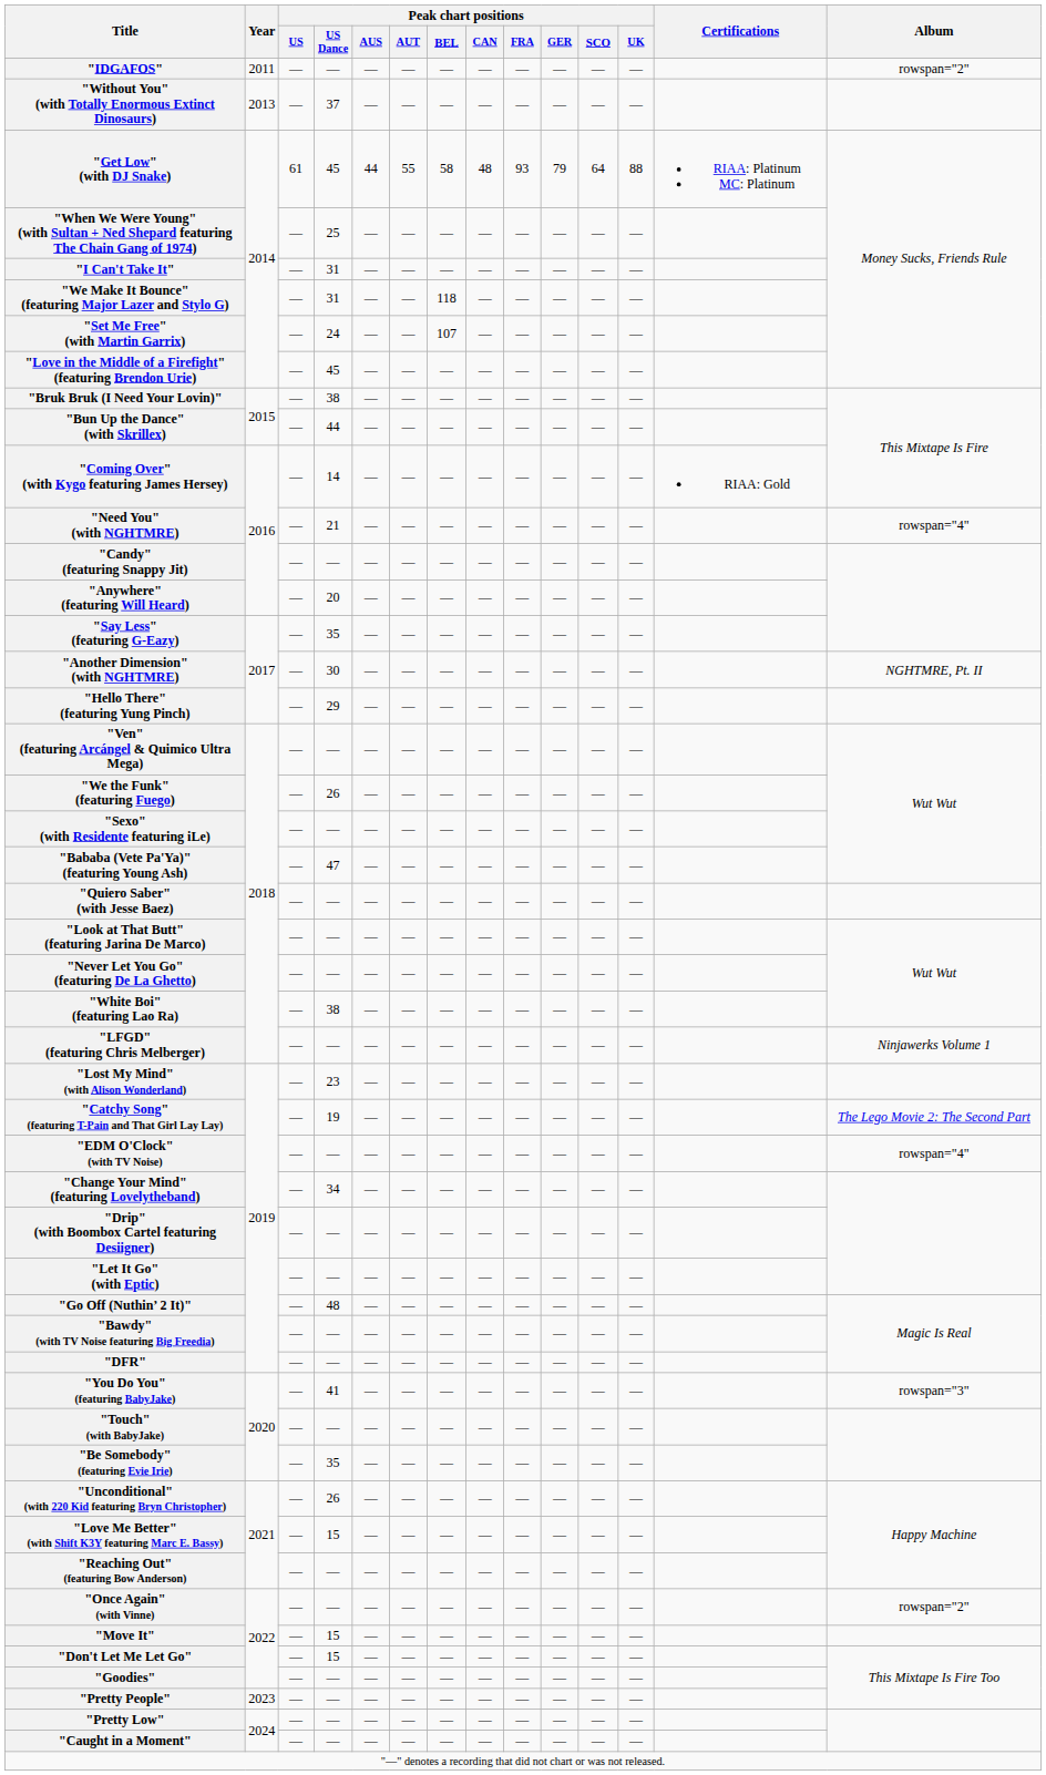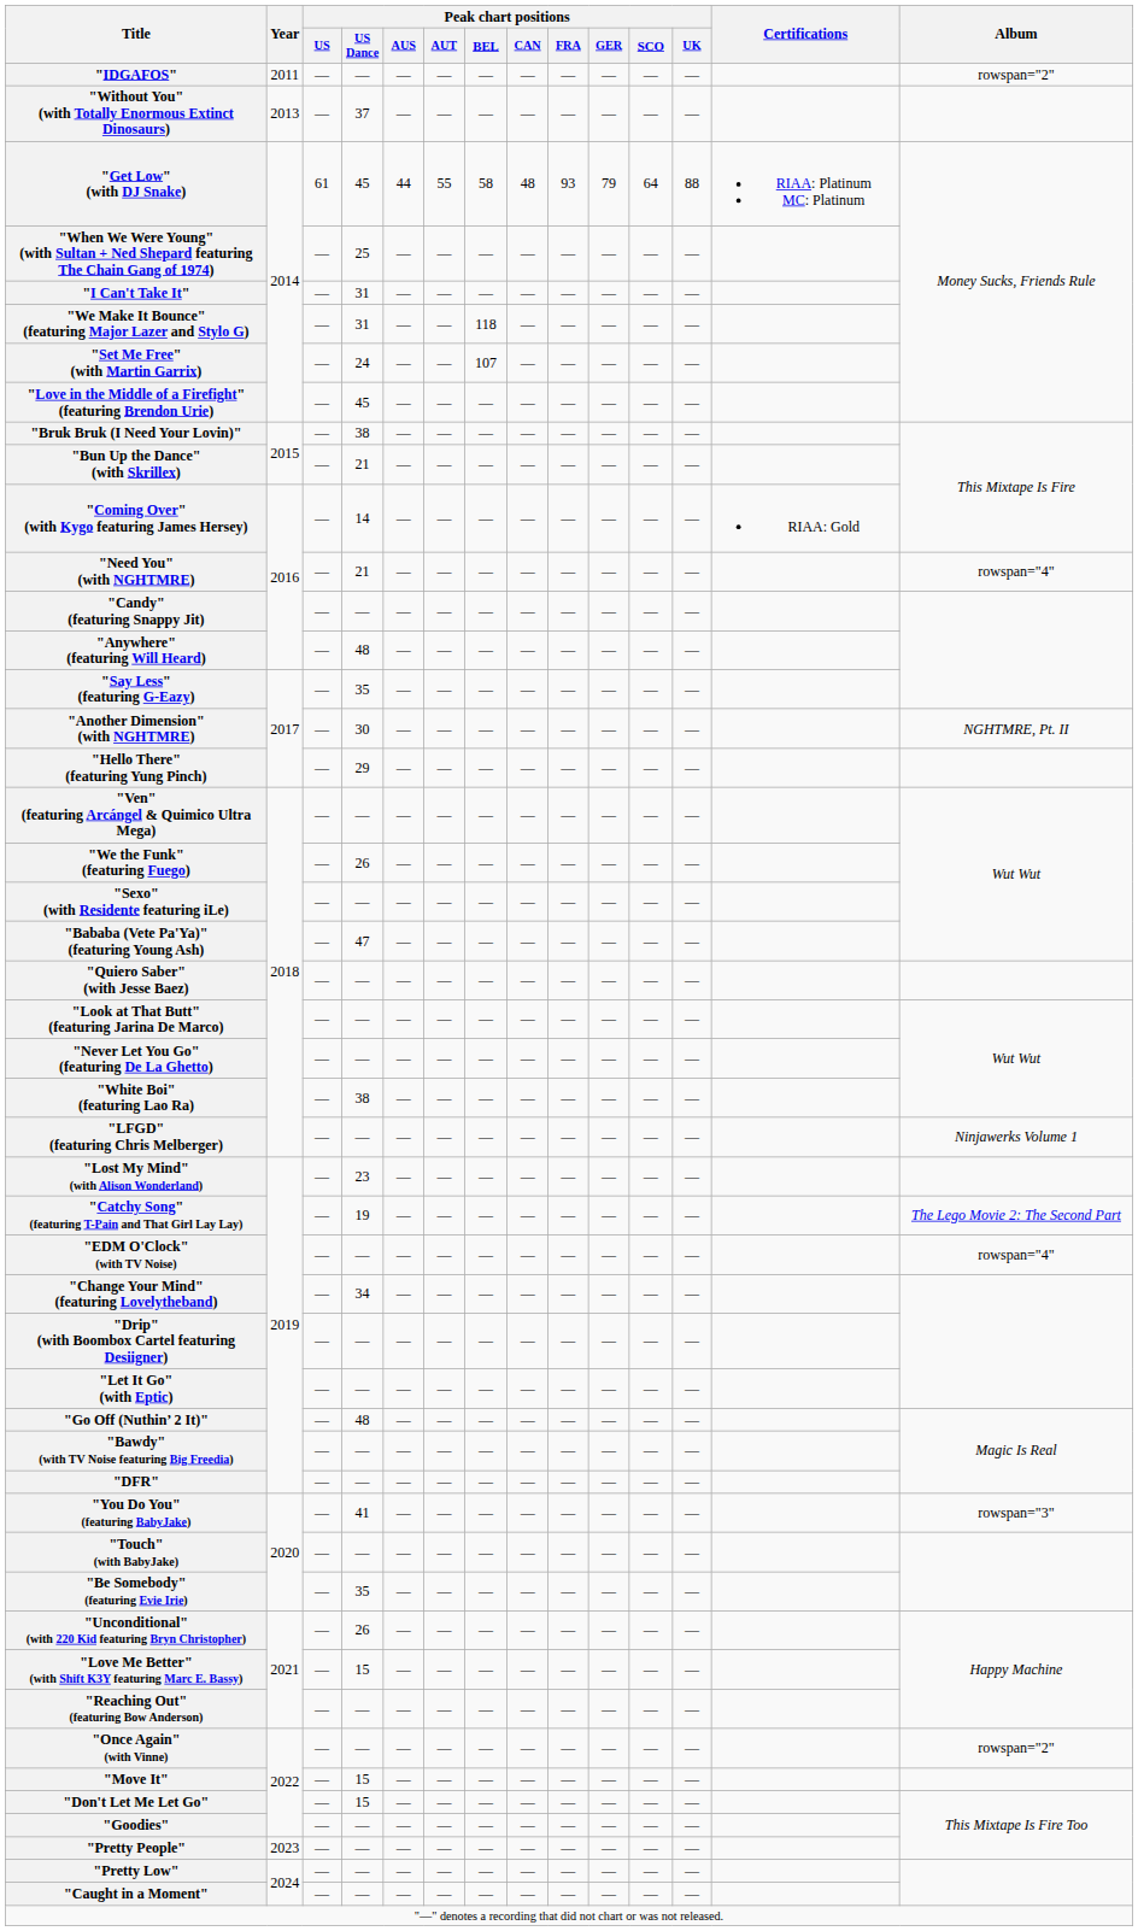 <table class="wikitable plainrowheaders" style="text-align:center;" border="1">
 <tr>
 <th scope="col" rowspan="2" style="width:20em;">Title</th>
 <th scope="col" rowspan="2" style="width:1em;">Year</th>
 <th scope="col" colspan="10">Peak chart positions</th>
 <th scope="col" rowspan="2" style="width:14em;"><a href='#'>Certifications</a></th>
 <th scope="col" rowspan="2" style="width:18em;">Album</th>
 </tr>
 <tr>
 <th scope="col" style="width:3em;font-size:85%;"><a href='#'>US</a><br></th>
 <th scope="col" style="width:3em;font-size:85%;"><a href='#'>US<br>Dance</a><br></th>
 <th scope="col" style="width:3em;font-size:85%;"><a href='#'>AUS</a><br></th>
 <th scope="col" style="width:3em;font-size:85%;"><a href='#'>AUT</a><br></th>
 <th scope="col" style="width:3em;font-size:90%;"><a href='#'>BEL</a><br></th>
 <th scope="col" style="width:3em;font-size:85%;"><a href='#'>CAN</a><br></th>
 <th scope="col" style="width:3em;font-size:85%;"><a href='#'>FRA</a><br></th>
 <th scope="col" style="width:3em;font-size:85%;"><a href='#'>GER</a><br></th>
 <th scope="col" style="width:3em;font-size:90%;"><a href='#'>SCO</a><br></th>
 <th scope="col" style="width:3em;font-size:85%;"><a href='#'>UK</a><br></th>
 </tr>
 <tr>
 <th scope="row">"<a href='#'>IDGAFOS</a>"</th>
 <td>2011</td>
 <td>—</td>
 <td>—</td>
 <td>—</td>
 <td>—</td>
 <td>—</td>
 <td>—</td>
 <td>—</td>
 <td>—</td>
 <td>—</td>
 <td>—</td>
 <td></td>
 <td>rowspan="2" </td>
 </tr>
 <tr>
 <th scope="row">"Without You"<br><span>(with <a href='#'>Totally Enormous Extinct Dinosaurs</a>)</span></th>
 <td>2013</td>
 <td>—</td>
 <td>37</td>
 <td>—</td>
 <td>—</td>
 <td>—</td>
 <td>—</td>
 <td>—</td>
 <td>—</td>
 <td>—</td>
 <td>—</td>
 <td></td>
 </tr>
 <tr>
 <th scope="row">"<a href='#'>Get Low</a>"<br><span>(with <a href='#'>DJ Snake</a>)</span></th>
 <td rowspan="6">2014</td>
 <td>61</td>
 <td>45</td>
 <td>44</td>
 <td>55</td>
 <td>58</td>
 <td>48</td>
 <td>93</td>
 <td>79</td>
 <td>64</td>
 <td>88</td>
 <td><br><ul><li><a href='#'>RIAA</a>: Platinum</li><li><a href='#'>MC</a>: Platinum</li></ul></td>
 <td rowspan="6"><em>Money Sucks, Friends Rule</em></td>
 </tr>
 <tr>
 <th scope="row">"When We Were Young"<br><span>(with <a href='#'>Sultan + Ned Shepard</a> featuring <a href='#'>The Chain Gang of 1974</a>)</span></th>
 <td>—</td>
 <td>25</td>
 <td>—</td>
 <td>—</td>
 <td>—</td>
 <td>—</td>
 <td>—</td>
 <td>—</td>
 <td>—</td>
 <td>—</td>
 <td></td>
 </tr>
 <tr>
 <th scope="row">"<a href='#'>I Can't Take It</a>"</th>
 <td>—</td>
 <td>31</td>
 <td>—</td>
 <td>—</td>
 <td>—</td>
 <td>—</td>
 <td>—</td>
 <td>—</td>
 <td>—</td>
 <td>—</td>
 <td></td>
 </tr>
 <tr>
 <th scope="row">"We Make It Bounce"<br><span>(featuring <a href='#'>Major Lazer</a> and <a href='#'>Stylo G</a>)</span></th>
 <td>—</td>
 <td>31</td>
 <td>—</td>
 <td>—</td>
 <td>118</td>
 <td>—</td>
 <td>—</td>
 <td>—</td>
 <td>—</td>
 <td>—</td>
 <td></td>
 </tr>
 <tr>
 <th scope="row">"<a href='#'>Set Me Free</a>"<br><span>(with <a href='#'>Martin Garrix</a>)</span></th>
 <td>—</td>
 <td>24</td>
 <td>—</td>
 <td>—</td>
 <td>107</td>
 <td>—</td>
 <td>—</td>
 <td>—</td>
 <td>—</td>
 <td>—</td>
 <td></td>
 </tr>
 <tr>
 <th scope="row">"<a href='#'>Love in the Middle of a Firefight</a>"<br><span>(featuring <a href='#'>Brendon Urie</a>)</span></th>
 <td>—</td>
 <td>45</td>
 <td>—</td>
 <td>—</td>
 <td>—</td>
 <td>—</td>
 <td>—</td>
 <td>—</td>
 <td>—</td>
 <td>—</td>
 <td></td>
 </tr>
 <tr>
 <th scope="row">"Bruk Bruk (I Need Your Lovin)"</th>
 <td rowspan="2">2015</td>
 <td>—</td>
 <td>38</td>
 <td>—</td>
 <td>—</td>
 <td>—</td>
 <td>—</td>
 <td>—</td>
 <td>—</td>
 <td>—</td>
 <td>—</td>
 <td></td>
 <td rowspan="3"><em>This Mixtape Is Fire</em></td>
 </tr>
 <tr>
 <th scope="row">"Bun Up the Dance"<br><span>(with <a href='#'>Skrillex</a>)</span></th>
 <td>—</td>
-<td>44</td>
+<td>21</td>
 <td>—</td>
 <td>—</td>
 <td>—</td>
 <td>—</td>
 <td>—</td>
 <td>—</td>
 <td>—</td>
 <td>—</td>
 <td></td>
 </tr>
 <tr>
 <th scope="row">"<a href='#'>Coming Over</a>"<br><span>(with <a href='#'>Kygo</a> featuring James Hersey)</span></th>
 <td rowspan="4">2016</td>
 <td>—</td>
 <td>14</td>
 <td>—</td>
 <td>—</td>
 <td>—</td>
 <td>—</td>
 <td>—</td>
 <td>—</td>
 <td>—</td>
 <td>—</td>
 <td><br><ul><li>RIAA: Gold</li></ul></td>
 </tr>
 <tr>
 <th scope="row">"Need You"<br><span>(with <a href='#'>NGHTMRE</a>)</span></th>
 <td>—</td>
 <td>21</td>
 <td>—</td>
 <td>—</td>
 <td>—</td>
 <td>—</td>
 <td>—</td>
 <td>—</td>
 <td>—</td>
 <td>—</td>
 <td></td>
 <td>rowspan="4" </td>
 </tr>
 <tr>
 <th scope="row">"Candy"<br><span>(featuring Snappy Jit)</span></th>
 <td>—</td>
 <td>—</td>
 <td>—</td>
 <td>—</td>
 <td>—</td>
 <td>—</td>
 <td>—</td>
 <td>—</td>
 <td>—</td>
 <td>—</td>
 <td></td>
 </tr>
 <tr>
 <th scope="row">"Anywhere"<br><span>(featuring <a href='#'>Will Heard</a>)</span></th>
 <td>—</td>
-<td>20</td>
+<td>48</td>
 <td>—</td>
 <td>—</td>
 <td>—</td>
 <td>—</td>
 <td>—</td>
 <td>—</td>
 <td>—</td>
 <td>—</td>
 <td></td>
 </tr>
 <tr>
 <th scope="row">"<a href='#'>Say Less</a>"<br><span>(featuring <a href='#'>G-Eazy</a>)</span></th>
 <td rowspan="3">2017</td>
 <td>—</td>
 <td>35</td>
 <td>—</td>
 <td>—</td>
 <td>—</td>
 <td>—</td>
 <td>—</td>
 <td>—</td>
 <td>—</td>
 <td>—</td>
 <td></td>
 </tr>
 <tr>
 <th scope="row">"Another Dimension"<br><span>(with <a href='#'>NGHTMRE</a>)</span></th>
 <td>—</td>
 <td>30</td>
 <td>—</td>
 <td>—</td>
 <td>—</td>
 <td>—</td>
 <td>—</td>
 <td>—</td>
 <td>—</td>
 <td>—</td>
 <td></td>
 <td><em>NGHTMRE, Pt. II</em></td>
 </tr>
 <tr>
 <th scope="row">"Hello There"<br><span>(featuring Yung Pinch)</span></th>
 <td>—</td>
 <td>29</td>
 <td>—</td>
 <td>—</td>
 <td>—</td>
 <td>—</td>
 <td>—</td>
 <td>—</td>
 <td>—</td>
 <td>—</td>
 <td></td>
 <td></td>
 </tr>
 <tr>
 <th scope="row">"Ven" <br><span>(featuring <a href='#'>Arcángel</a> & Quimico Ultra Mega)</span></th>
 <td rowspan="9">2018</td>
 <td>—</td>
 <td>—</td>
 <td>—</td>
 <td>—</td>
 <td>—</td>
 <td>—</td>
 <td>—</td>
 <td>—</td>
 <td>—</td>
 <td>—</td>
 <td></td>
 <td rowspan="4"><em>Wut Wut</em></td>
 </tr>
 <tr>
 <th scope="row">"We the Funk"<br><span>(featuring <a href='#'>Fuego</a>)</span></th>
 <td>—</td>
 <td>26</td>
 <td>—</td>
 <td>—</td>
 <td>—</td>
 <td>—</td>
 <td>—</td>
 <td>—</td>
 <td>—</td>
 <td>—</td>
 <td></td>
 </tr>
 <tr>
 <th scope="row">"Sexo" <br><span>(with <a href='#'>Residente</a> featuring iLe)</span></th>
 <td>—</td>
 <td>—</td>
 <td>—</td>
 <td>—</td>
 <td>—</td>
 <td>—</td>
 <td>—</td>
 <td>—</td>
 <td>—</td>
 <td>—</td>
 <td></td>
 </tr>
 <tr>
 <th scope="row">"Bababa (Vete Pa'Ya)" <br><span>(featuring Young Ash)</span></th>
 <td>—</td>
 <td>47</td>
 <td>—</td>
 <td>—</td>
 <td>—</td>
 <td>—</td>
 <td>—</td>
 <td>—</td>
 <td>—</td>
 <td>—</td>
 <td></td>
 </tr>
 <tr>
 <th scope="row">"Quiero Saber" <br><span>(with Jesse Baez)</span></th>
 <td>—</td>
 <td>—</td>
 <td>—</td>
 <td>—</td>
 <td>—</td>
 <td>—</td>
 <td>—</td>
 <td>—</td>
 <td>—</td>
 <td>—</td>
 <td></td>
 <td></td>
 </tr>
 <tr>
 <th scope="row">"Look at That Butt" <br><span>(featuring Jarina De Marco)</span></th>
 <td>—</td>
 <td>—</td>
 <td>—</td>
 <td>—</td>
 <td>—</td>
 <td>—</td>
 <td>—</td>
 <td>—</td>
 <td>—</td>
 <td>—</td>
 <td></td>
 <td rowspan="3"><em>Wut Wut</em></td>
 </tr>
 <tr>
 <th scope="row">"Never Let You Go" <br><span>(featuring <a href='#'>De La Ghetto</a>)</span></th>
 <td>—</td>
 <td>—</td>
 <td>—</td>
 <td>—</td>
 <td>—</td>
 <td>—</td>
 <td>—</td>
 <td>—</td>
 <td>—</td>
 <td>—</td>
 <td></td>
 </tr>
 <tr>
 <th scope="row">"White Boi" <br><span>(featuring Lao Ra)</span></th>
 <td>—</td>
 <td>38</td>
 <td>—</td>
 <td>—</td>
 <td>—</td>
 <td>—</td>
 <td>—</td>
 <td>—</td>
 <td>—</td>
 <td>—</td>
 <td></td>
 </tr>
 <tr>
 <th scope="row">"LFGD" <br><span>(featuring Chris Melberger)</span></th>
 <td>—</td>
 <td>—</td>
 <td>—</td>
 <td>—</td>
 <td>—</td>
 <td>—</td>
 <td>—</td>
 <td>—</td>
 <td>—</td>
 <td>—</td>
 <td></td>
 <td><em>Ninjawerks Volume 1</em></td>
 </tr>
 <tr>
 <th scope="row">"Lost My Mind"<br><small>(with <a href='#'>Alison Wonderland</a>)</small></th>
 <td rowspan="9">2019</td>
 <td>—</td>
 <td>23</td>
 <td>—</td>
 <td>—</td>
 <td>—</td>
 <td>—</td>
 <td>—</td>
 <td>—</td>
 <td>—</td>
 <td>—</td>
 <td></td>
 <td></td>
 </tr>
 <tr>
 <th scope="row">"<a href='#'>Catchy Song</a>"<br><small>(featuring <a href='#'>T-Pain</a> and That Girl Lay Lay)</small></th>
 <td>—</td>
 <td>19</td>
 <td>—</td>
 <td>—</td>
 <td>—</td>
 <td>—</td>
 <td>—</td>
 <td>—</td>
 <td>—</td>
 <td>—</td>
 <td></td>
 <td><em><a href='#'>The Lego Movie 2: The Second Part</a></em></td>
 </tr>
 <tr>
 <th scope="row">"EDM O'Clock" <br><small>(with TV Noise)</small></th>
 <td>—</td>
 <td>—</td>
 <td>—</td>
 <td>—</td>
 <td>—</td>
 <td>—</td>
 <td>—</td>
 <td>—</td>
 <td>—</td>
 <td>—</td>
 <td></td>
 <td>rowspan="4" </td>
 </tr>
 <tr>
 <th scope="row">"Change Your Mind" <br><span>(featuring <a href='#'>Lovelytheband</a>)</span></th>
 <td>—</td>
 <td>34</td>
 <td>—</td>
 <td>—</td>
 <td>—</td>
 <td>—</td>
 <td>—</td>
 <td>—</td>
 <td>—</td>
 <td>—</td>
 <td></td>
 </tr>
 <tr>
 <th scope="row">"Drip" <br><span>(with Boombox Cartel featuring <a href='#'>Desiigner</a>)</span></th>
 <td>—</td>
 <td>—</td>
 <td>—</td>
 <td>—</td>
 <td>—</td>
 <td>—</td>
 <td>—</td>
 <td>—</td>
 <td>—</td>
 <td>—</td>
 <td></td>
 </tr>
 <tr>
 <th scope="row">"Let It Go" <br><span>(with <a href='#'>Eptic</a>)</span></th>
 <td>—</td>
 <td>—</td>
 <td>—</td>
 <td>—</td>
 <td>—</td>
 <td>—</td>
 <td>—</td>
 <td>—</td>
 <td>—</td>
 <td>—</td>
 <td></td>
 </tr>
 <tr>
 <th scope="row">"Go Off (Nuthin’ 2 It)"</th>
 <td>—</td>
 <td>48</td>
 <td>—</td>
 <td>—</td>
 <td>—</td>
 <td>—</td>
 <td>—</td>
 <td>—</td>
 <td>—</td>
 <td>—</td>
 <td></td>
 <td rowspan="3"><em>Magic Is Real</em></td>
 </tr>
 <tr>
 <th scope="row">"Bawdy" <br><small>(with TV Noise featuring <a href='#'>Big Freedia</a>)</small></th>
 <td>—</td>
 <td>—</td>
 <td>—</td>
 <td>—</td>
 <td>—</td>
 <td>—</td>
 <td>—</td>
 <td>—</td>
 <td>—</td>
 <td>—</td>
 <td></td>
 </tr>
 <tr>
 <th scope="row">"DFR"</th>
 <td>—</td>
 <td>—</td>
 <td>—</td>
 <td>—</td>
 <td>—</td>
 <td>—</td>
 <td>—</td>
 <td>—</td>
 <td>—</td>
 <td>—</td>
 <td></td>
 </tr>
 <tr>
 <th scope="row">"You Do You" <br><small>(featuring <a href='#'>BabyJake</a>)</small></th>
 <td rowspan="3">2020</td>
 <td>—</td>
 <td>41</td>
 <td>—</td>
 <td>—</td>
 <td>—</td>
 <td>—</td>
 <td>—</td>
 <td>—</td>
 <td>—</td>
 <td>—</td>
 <td></td>
 <td>rowspan="3" </td>
 </tr>
 <tr>
 <th scope="row">"Touch" <br><small>(with BabyJake)</small></th>
 <td>—</td>
 <td>—</td>
 <td>—</td>
 <td>—</td>
 <td>—</td>
 <td>—</td>
 <td>—</td>
 <td>—</td>
 <td>—</td>
 <td>—</td>
 <td></td>
 </tr>
 <tr>
 <th scope="row">"Be Somebody" <br><small>(featuring <a href='#'>Evie Irie</a>)</small></th>
 <td>—</td>
 <td>35</td>
 <td>—</td>
 <td>—</td>
 <td>—</td>
 <td>—</td>
 <td>—</td>
 <td>—</td>
 <td>—</td>
 <td>—</td>
 <td></td>
 </tr>
 <tr>
 <th scope="row">"Unconditional" <br><small>(with <a href='#'>220 Kid</a> featuring <a href='#'>Bryn Christopher</a>)</small></th>
 <td rowspan="3">2021</td>
 <td>—</td>
 <td>26</td>
 <td>—</td>
 <td>—</td>
 <td>—</td>
 <td>—</td>
 <td>—</td>
 <td>—</td>
 <td>—</td>
 <td>—</td>
 <td></td>
 <td rowspan="3"><em>Happy Machine</em></td>
 </tr>
 <tr>
 <th scope="row">"Love Me Better" <br><small>(with <a href='#'>Shift K3Y</a> featuring <a href='#'>Marc E. Bassy</a>)</small></th>
 <td>—</td>
 <td>15</td>
 <td>—</td>
 <td>—</td>
 <td>—</td>
 <td>—</td>
 <td>—</td>
 <td>—</td>
 <td>—</td>
 <td>—</td>
 <td></td>
 </tr>
 <tr>
 <th scope="row">"Reaching Out" <br><small>(featuring Bow Anderson)</small></th>
 <td>—</td>
 <td>—</td>
 <td>—</td>
 <td>—</td>
 <td>—</td>
 <td>—</td>
 <td>—</td>
 <td>—</td>
 <td>—</td>
 <td>—</td>
 <td></td>
 </tr>
 <tr>
 <th scope="row">"Once Again" <br><small>(with Vinne)</small></th>
 <td rowspan="4">2022</td>
 <td>—</td>
 <td>—</td>
 <td>—</td>
 <td>—</td>
 <td>—</td>
 <td>—</td>
 <td>—</td>
 <td>—</td>
 <td>—</td>
 <td>—</td>
 <td></td>
 <td>rowspan="2" </td>
 </tr>
 <tr>
 <th scope="row">"Move It" <br></th>
 <td>—</td>
 <td>15</td>
 <td>—</td>
 <td>—</td>
 <td>—</td>
 <td>—</td>
 <td>—</td>
 <td>—</td>
 <td>—</td>
 <td>—</td>
 <td></td>
 </tr>
 <tr>
 <th scope="row">"Don't Let Me Let Go" <br></th>
 <td>—</td>
 <td>15</td>
 <td>—</td>
 <td>—</td>
 <td>—</td>
 <td>—</td>
 <td>—</td>
 <td>—</td>
 <td>—</td>
 <td>—</td>
 <td></td>
 <td rowspan="3"><em>This Mixtape Is Fire Too</em></td>
 </tr>
 <tr>
 <th scope="row">"Goodies"</th>
 <td>—</td>
 <td>—</td>
 <td>—</td>
 <td>—</td>
 <td>—</td>
 <td>—</td>
 <td>—</td>
 <td>—</td>
 <td>—</td>
 <td>—</td>
 <td></td>
 </tr>
 <tr>
 <th scope="row">"Pretty People" <br></th>
 <td>2023</td>
 <td>—</td>
 <td>—</td>
 <td>—</td>
 <td>—</td>
 <td>—</td>
 <td>—</td>
 <td>—</td>
 <td>—</td>
 <td>—</td>
 <td>—</td>
 <td></td>
 </tr>
 <tr>
 <th scope="row">"Pretty Low" <br></th>
 <td rowspan="2">2024</td>
 <td>—</td>
 <td>—</td>
 <td>—</td>
 <td>—</td>
 <td>—</td>
 <td>—</td>
 <td>—</td>
 <td>—</td>
 <td>—</td>
 <td>—</td>
 <td></td>
 </tr>
 <tr>
 <th scope="row">"Caught in a Moment"</th>
 <td>—</td>
 <td>—</td>
 <td>—</td>
 <td>—</td>
 <td>—</td>
 <td>—</td>
 <td>—</td>
 <td>—</td>
 <td>—</td>
 <td>—</td>
 <td></td>
 </tr>
 <tr>
 <td colspan="14" style="font-size:85%">"—" denotes a recording that did not chart or was not released.</td>
 </tr>
 </table>
